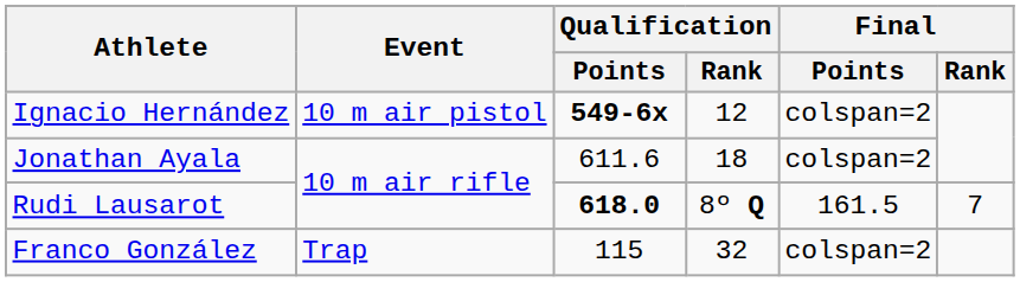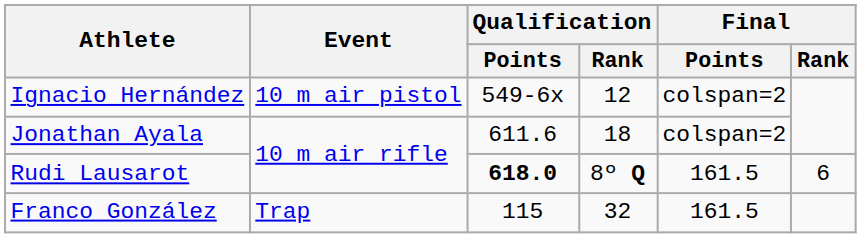 <table class=wikitable style=font-size:90%;text-align:center>
 <tr>
 <th rowspan=2>Athlete</th>
 <th rowspan=2>Event</th>
 <th colspan=2>Qualification</th>
 <th colspan=2>Final</th>
 </tr>
 <tr style=font-size:95%>
 <th>Points</th>
 <th>Rank</th>
 <th>Points</th>
 <th>Rank</th>
 </tr>
 <tr>
 <td align=left><a href='#'>Ignacio Hernández</a></td>
 <td align=left><a href='#'>10 m air pistol</a></td>
-<td><strong>549-6x</strong></td>
+<td>549-6x</td>
 <td>12</td>
 <td>colspan=2 </td>
 </tr>
 <tr>
 <td align=left><a href='#'>Jonathan Ayala</a></td>
 <td align=left rowspan=2><a href='#'>10 m air rifle</a></td>
 <td>611.6</td>
 <td>18</td>
 <td>colspan=2 </td>
 </tr>
 <tr>
 <td align=left><a href='#'>Rudi Lausarot</a></td>
 <td><strong>618.0</strong></td>
 <td>8º <strong>Q</strong></td>
 <td>161.5</td>
-<td>7</td>
+<td>6</td>
 </tr>
 <tr>
 <td align=left><a href='#'>Franco González</a></td>
 <td align=left><a href='#'>Trap</a></td>
 <td>115</td>
 <td>32</td>
-<td>colspan=2 </td>
+<td>161.5</td>
 </tr>
 </table>
